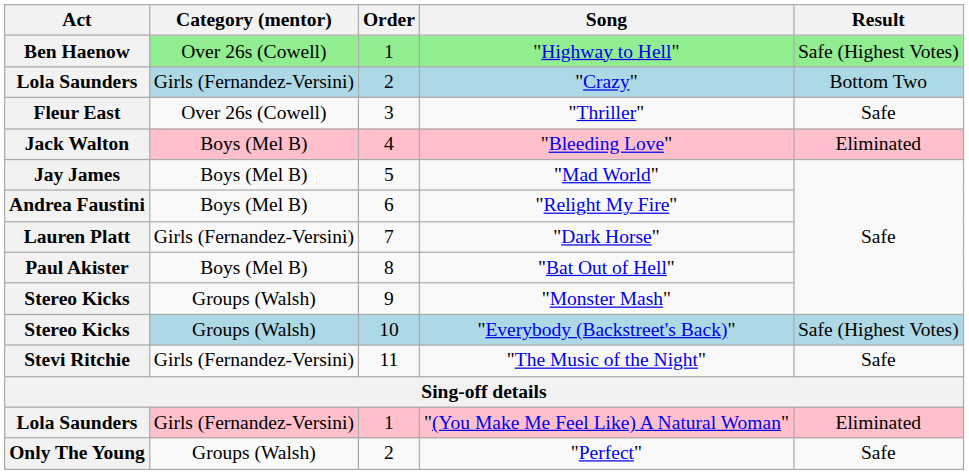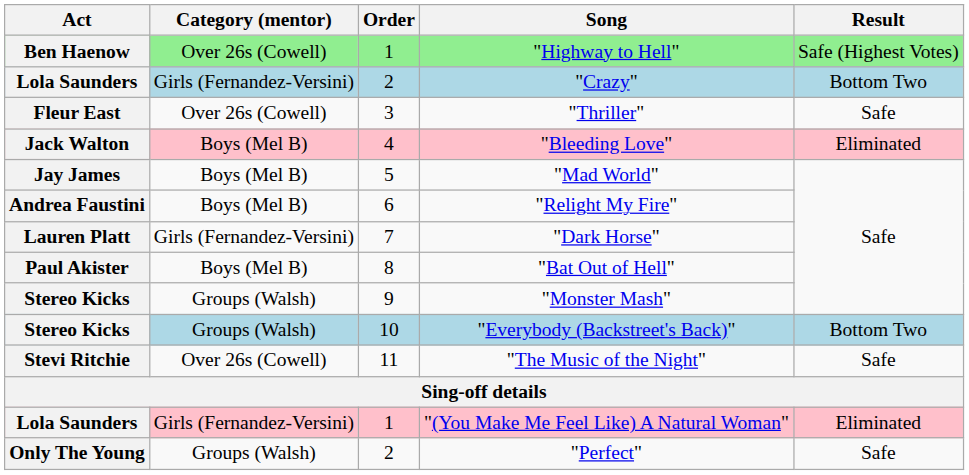 <table class="wikitable plainrowheaders" style="text-align:center;">
 <tr>
 <th scope="col">Act</th>
 <th scope="col">Category (mentor)</th>
 <th scope="col">Order</th>
 <th scope="col">Song</th>
 <th scope="col">Result</th>
 </tr>
 <tr style="background:lightgreen;">
 <th scope="row">Ben Haenow</th>
 <td>Over 26s (Cowell)</td>
 <td>1</td>
 <td>"<a href='#'>Highway to Hell</a>"</td>
 <td>Safe (Highest Votes)</td>
 </tr>
 <tr style="background:lightblue;">
 <th scope="row">Lola Saunders</th>
 <td>Girls (Fernandez-Versini)</td>
 <td>2</td>
 <td>"<a href='#'>Crazy</a>"</td>
 <td>Bottom Two</td>
 </tr>
 <tr>
 <th scope="row">Fleur East</th>
 <td>Over 26s (Cowell)</td>
 <td>3</td>
 <td>"<a href='#'>Thriller</a>"</td>
 <td>Safe</td>
 </tr>
 <tr style="background:pink;">
 <th scope="row">Jack Walton</th>
 <td>Boys (Mel B)</td>
 <td>4</td>
 <td>"<a href='#'>Bleeding Love</a>"</td>
 <td>Eliminated</td>
 </tr>
 <tr>
 <th scope="row">Jay James</th>
 <td>Boys (Mel B)</td>
 <td>5</td>
 <td>"<a href='#'>Mad World</a>"</td>
 <td rowspan=5>Safe</td>
 </tr>
 <tr>
 <th scope="row">Andrea Faustini</th>
 <td>Boys (Mel B)</td>
 <td>6</td>
 <td>"<a href='#'>Relight My Fire</a>"</td>
 </tr>
 <tr>
 <th scope="row">Lauren Platt</th>
 <td>Girls (Fernandez-Versini)</td>
 <td>7</td>
 <td>"<a href='#'>Dark Horse</a>"</td>
 </tr>
 <tr>
 <th scope="row">Paul Akister</th>
 <td>Boys (Mel B)</td>
 <td>8</td>
 <td>"<a href='#'>Bat Out of Hell</a>"</td>
 </tr>
 <tr>
 <th scope="row">Stereo Kicks</th>
 <td>Groups (Walsh)</td>
 <td>9</td>
 <td>"<a href='#'>Monster Mash</a>"</td>
 </tr>
 <tr style="background:lightblue;">
 <th scope="row">Stereo Kicks</th>
 <td>Groups (Walsh)</td>
 <td>10</td>
 <td>"<a href='#'>Everybody (Backstreet's Back)</a>"</td>
-<td>Safe (Highest Votes)</td>
+<td>Bottom Two</td>
 </tr>
 <tr>
 <th scope="row">Stevi Ritchie</th>
-<td>Girls (Fernandez-Versini)</td>
+<td>Over 26s (Cowell)</td>
 <td>11</td>
 <td>"<a href='#'>The Music of the Night</a>"</td>
 <td>Safe</td>
 </tr>
 <tr>
 <th colspan=5>Sing-off details</th>
 </tr>
 <tr style="background:pink;">
 <th scope="row">Lola Saunders</th>
 <td>Girls (Fernandez-Versini)</td>
 <td>1</td>
 <td>"<a href='#'>(You Make Me Feel Like) A Natural Woman</a>"</td>
 <td>Eliminated</td>
 </tr>
 <tr>
 <th scope="row">Only The Young</th>
 <td>Groups (Walsh)</td>
 <td>2</td>
 <td>"<a href='#'>Perfect</a>"</td>
 <td>Safe</td>
 </tr>
 </table>
